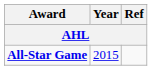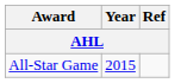 <table class="wikitable">
 <tr>
 <th>Award</th>
 <th>Year</th>
 <th>Ref</th>
 </tr>
 <tr>
 <th colspan="3"><a href='#'>AHL</a></th>
 </tr>
 <tr>
-<td><strong><a href='#'>All-Star Game</a></strong></td>
+<td><a href='#'>All-Star Game</a></td>
 <td><a href='#'>2015</a></td>
 <td></td>
 </tr>
 </table>
